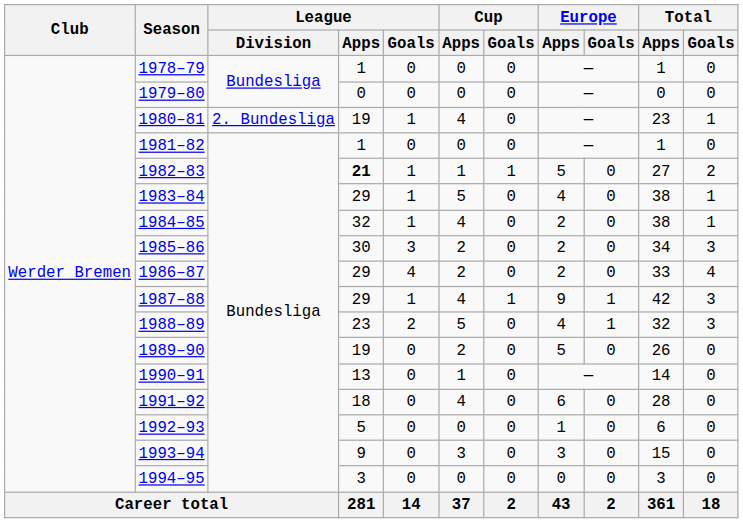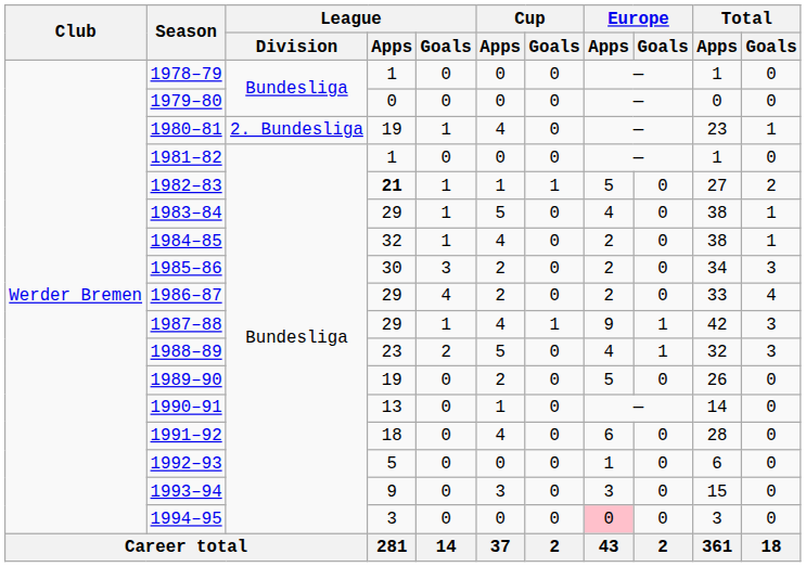 <table class="wikitable" style="text-align:center">
 <tr>
 <th rowspan="2">Club</th>
 <th rowspan="2">Season</th>
 <th colspan="3">League</th>
 <th colspan="2">Cup</th>
 <th colspan="2"><a href='#'>Europe</a></th>
 <th colspan="2">Total</th>
 </tr>
 <tr>
 <th>Division</th>
 <th>Apps</th>
 <th>Goals</th>
 <th>Apps</th>
 <th>Goals</th>
 <th>Apps</th>
 <th>Goals</th>
 <th>Apps</th>
 <th>Goals</th>
 </tr>
 <tr>
 <td rowspan="17"><a href='#'>Werder Bremen</a></td>
 <td><a href='#'>1978–79</a></td>
 <td rowspan="2"><a href='#'>Bundesliga</a></td>
 <td>1</td>
 <td>0</td>
 <td>0</td>
 <td>0</td>
 <td colspan="2">—</td>
 <td>1</td>
 <td>0</td>
 </tr>
 <tr>
 <td><a href='#'>1979–80</a></td>
 <td>0</td>
 <td>0</td>
 <td>0</td>
 <td>0</td>
 <td colspan="2">—</td>
 <td>0</td>
 <td>0</td>
 </tr>
 <tr>
 <td><a href='#'>1980–81</a></td>
 <td><a href='#'>2. Bundesliga</a></td>
 <td>19</td>
 <td>1</td>
 <td>4</td>
 <td>0</td>
 <td colspan="2">—</td>
 <td>23</td>
 <td>1</td>
 </tr>
 <tr>
 <td><a href='#'>1981–82</a></td>
 <td rowspan="14">Bundesliga</td>
 <td>1</td>
 <td>0</td>
 <td>0</td>
 <td>0</td>
 <td colspan="2">—</td>
 <td>1</td>
 <td>0</td>
 </tr>
 <tr>
 <td><a href='#'>1982–83</a></td>
 <td><strong>21</strong></td>
 <td>1</td>
 <td>1</td>
 <td>1</td>
 <td>5</td>
 <td>0</td>
 <td>27</td>
 <td>2</td>
 </tr>
 <tr>
 <td><a href='#'>1983–84</a></td>
 <td>29</td>
 <td>1</td>
 <td>5</td>
 <td>0</td>
 <td>4</td>
 <td>0</td>
 <td>38</td>
 <td>1</td>
 </tr>
 <tr>
 <td><a href='#'>1984–85</a></td>
 <td>32</td>
 <td>1</td>
 <td>4</td>
 <td>0</td>
 <td>2</td>
 <td>0</td>
 <td>38</td>
 <td>1</td>
 </tr>
 <tr>
 <td><a href='#'>1985–86</a></td>
 <td>30</td>
 <td>3</td>
 <td>2</td>
 <td>0</td>
 <td>2</td>
 <td>0</td>
 <td>34</td>
 <td>3</td>
 </tr>
 <tr>
 <td><a href='#'>1986–87</a></td>
 <td>29</td>
 <td>4</td>
 <td>2</td>
 <td>0</td>
 <td>2</td>
 <td>0</td>
 <td>33</td>
 <td>4</td>
 </tr>
 <tr>
 <td><a href='#'>1987–88</a></td>
 <td>29</td>
 <td>1</td>
 <td>4</td>
 <td>1</td>
 <td>9</td>
 <td>1</td>
 <td>42</td>
 <td>3</td>
 </tr>
 <tr>
 <td><a href='#'>1988–89</a></td>
 <td>23</td>
 <td>2</td>
 <td>5</td>
 <td>0</td>
 <td>4</td>
 <td>1</td>
 <td>32</td>
 <td>3</td>
 </tr>
 <tr>
 <td><a href='#'>1989–90</a></td>
 <td>19</td>
 <td>0</td>
 <td>2</td>
 <td>0</td>
 <td>5</td>
 <td>0</td>
 <td>26</td>
 <td>0</td>
 </tr>
 <tr>
 <td><a href='#'>1990–91</a></td>
 <td>13</td>
 <td>0</td>
 <td>1</td>
 <td>0</td>
 <td colspan="2">—</td>
 <td>14</td>
 <td>0</td>
 </tr>
 <tr>
 <td><a href='#'>1991–92</a></td>
 <td>18</td>
 <td>0</td>
 <td>4</td>
 <td>0</td>
 <td>6</td>
 <td>0</td>
 <td>28</td>
 <td>0</td>
 </tr>
 <tr>
 <td><a href='#'>1992–93</a></td>
 <td>5</td>
 <td>0</td>
 <td>0</td>
 <td>0</td>
 <td>1</td>
 <td>0</td>
 <td>6</td>
 <td>0</td>
 </tr>
 <tr>
 <td><a href='#'>1993–94</a></td>
 <td>9</td>
 <td>0</td>
 <td>3</td>
 <td>0</td>
 <td>3</td>
 <td>0</td>
 <td>15</td>
 <td>0</td>
 </tr>
 <tr>
 <td><a href='#'>1994–95</a></td>
 <td>3</td>
 <td>0</td>
 <td>0</td>
 <td>0</td>
-<td>0</td>
+<td style="background: pink;">0</td>
 <td>0</td>
 <td>3</td>
 <td>0</td>
 </tr>
 <tr>
 <th colspan="3">Career total</th>
 <th>281</th>
 <th>14</th>
 <th>37</th>
 <th>2</th>
 <th>43</th>
 <th>2</th>
 <th>361</th>
 <th>18</th>
 </tr>
 </table>
